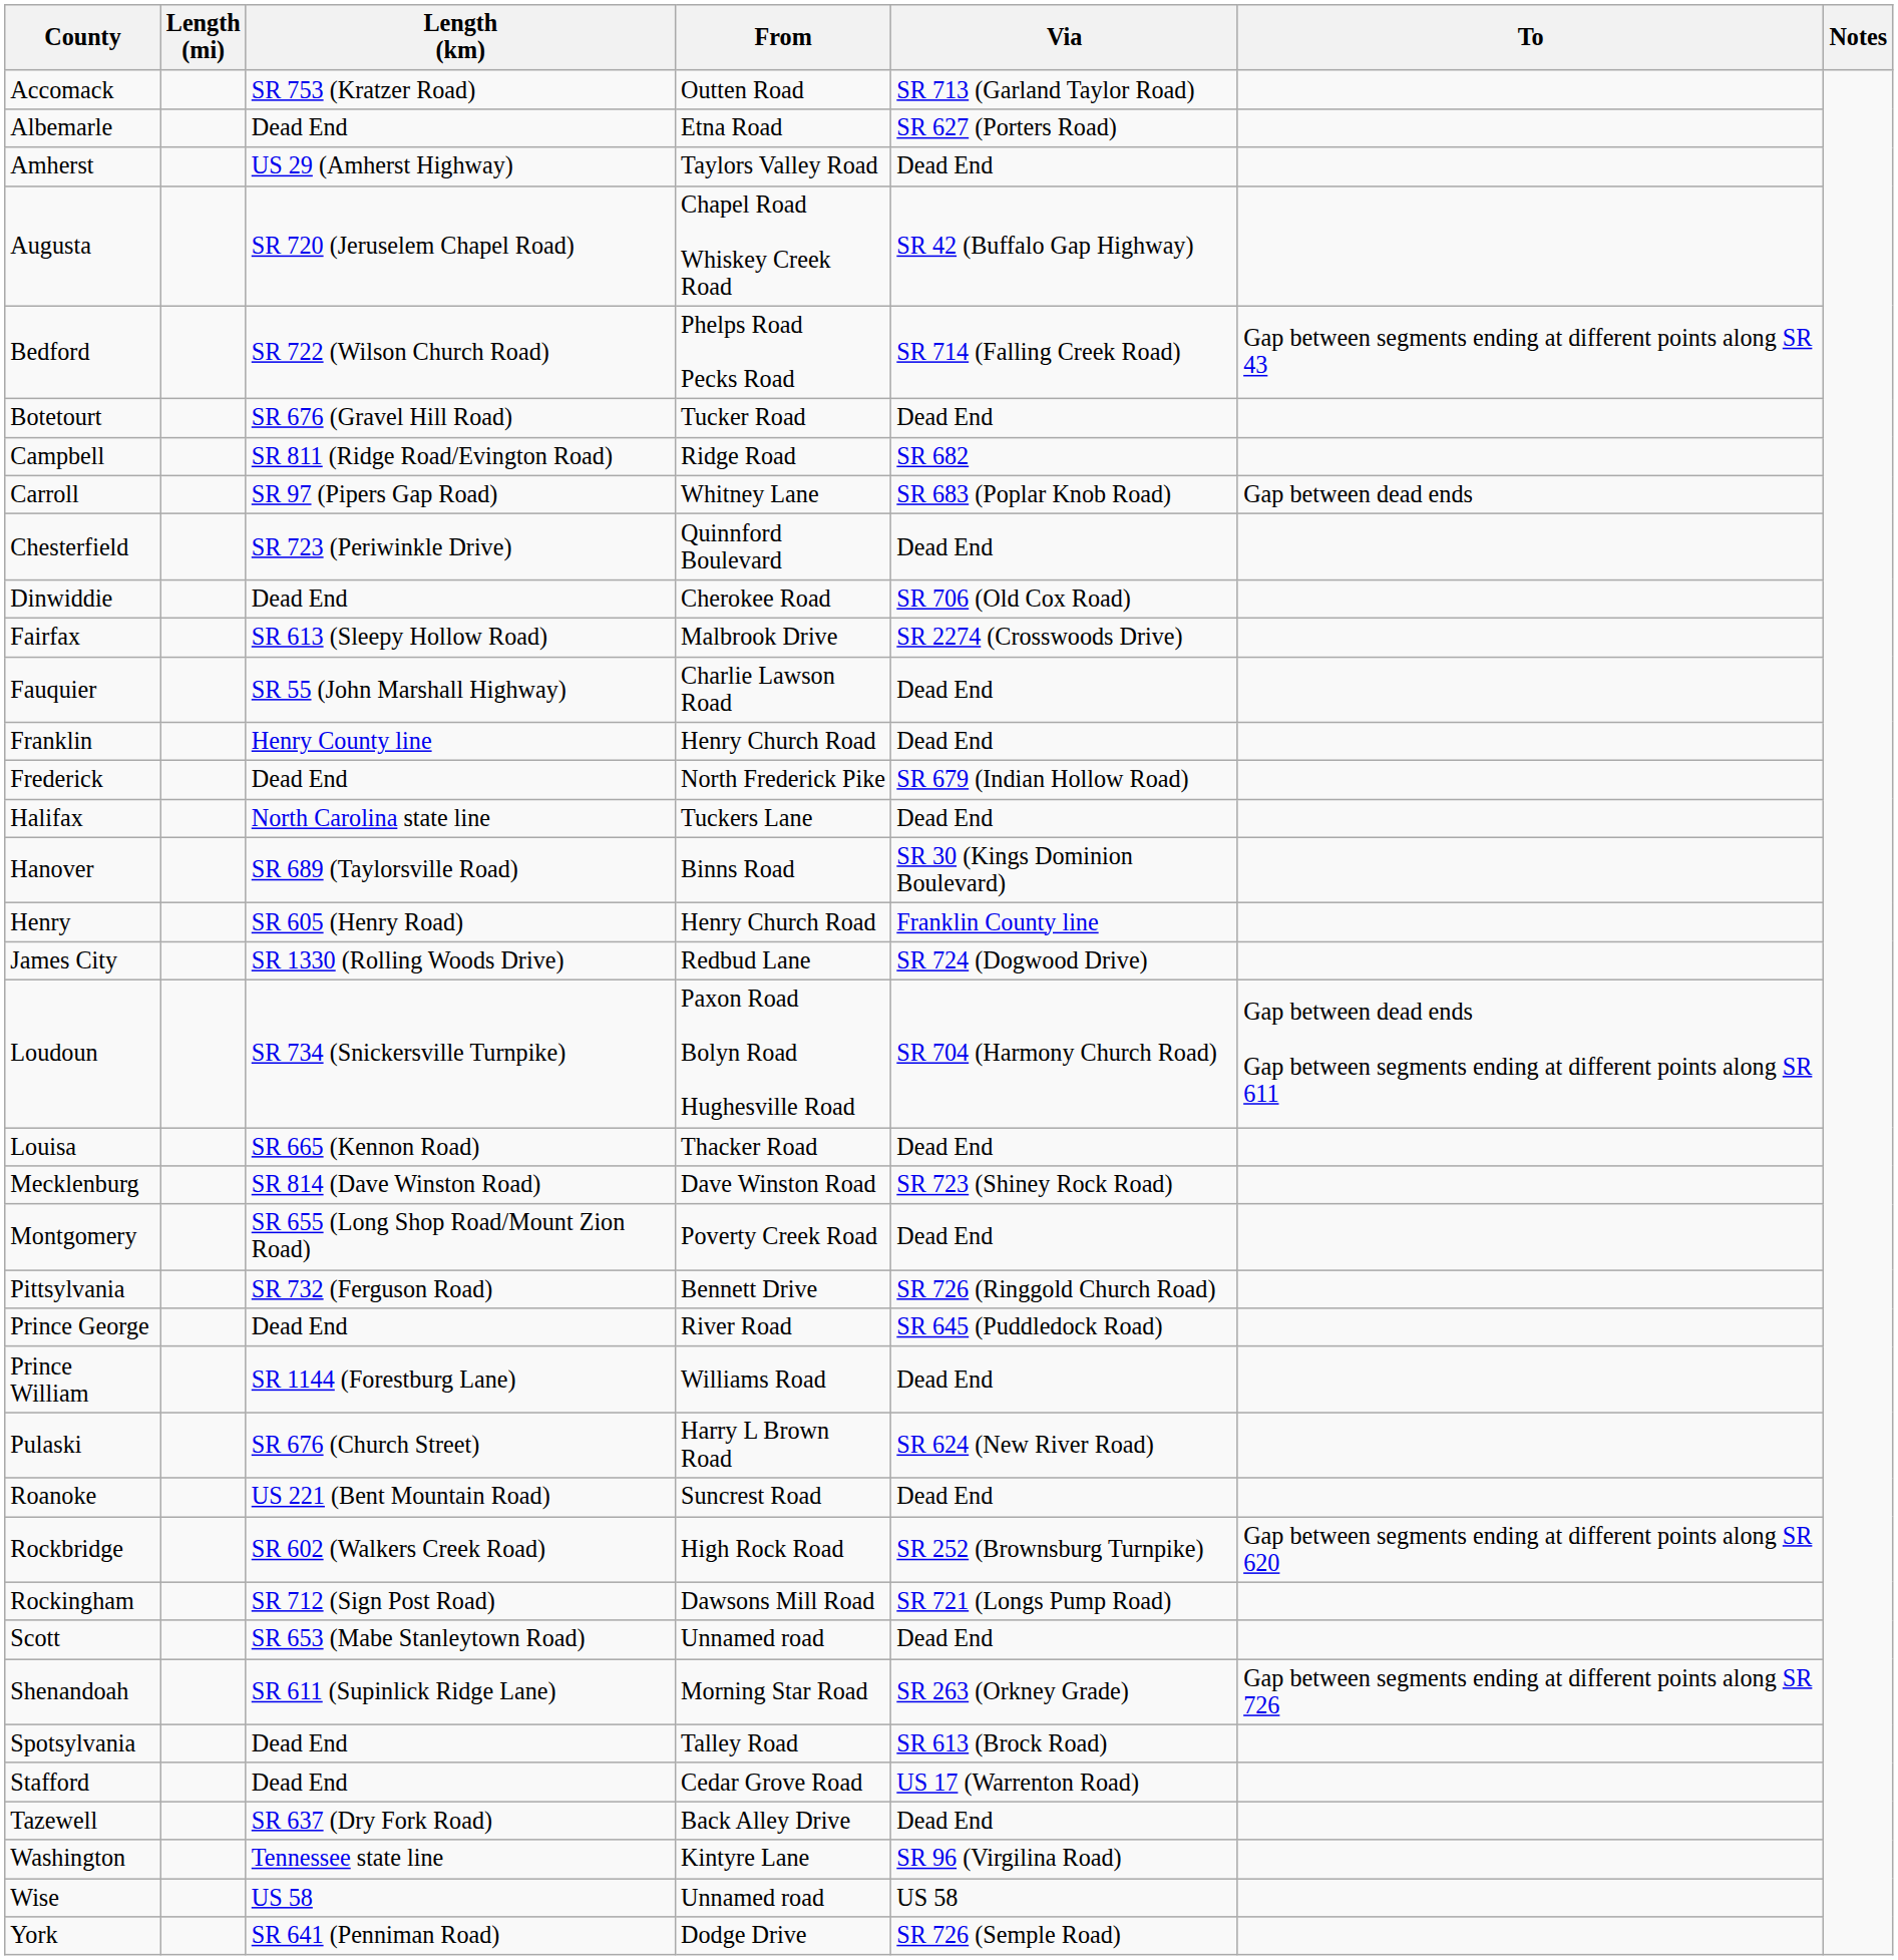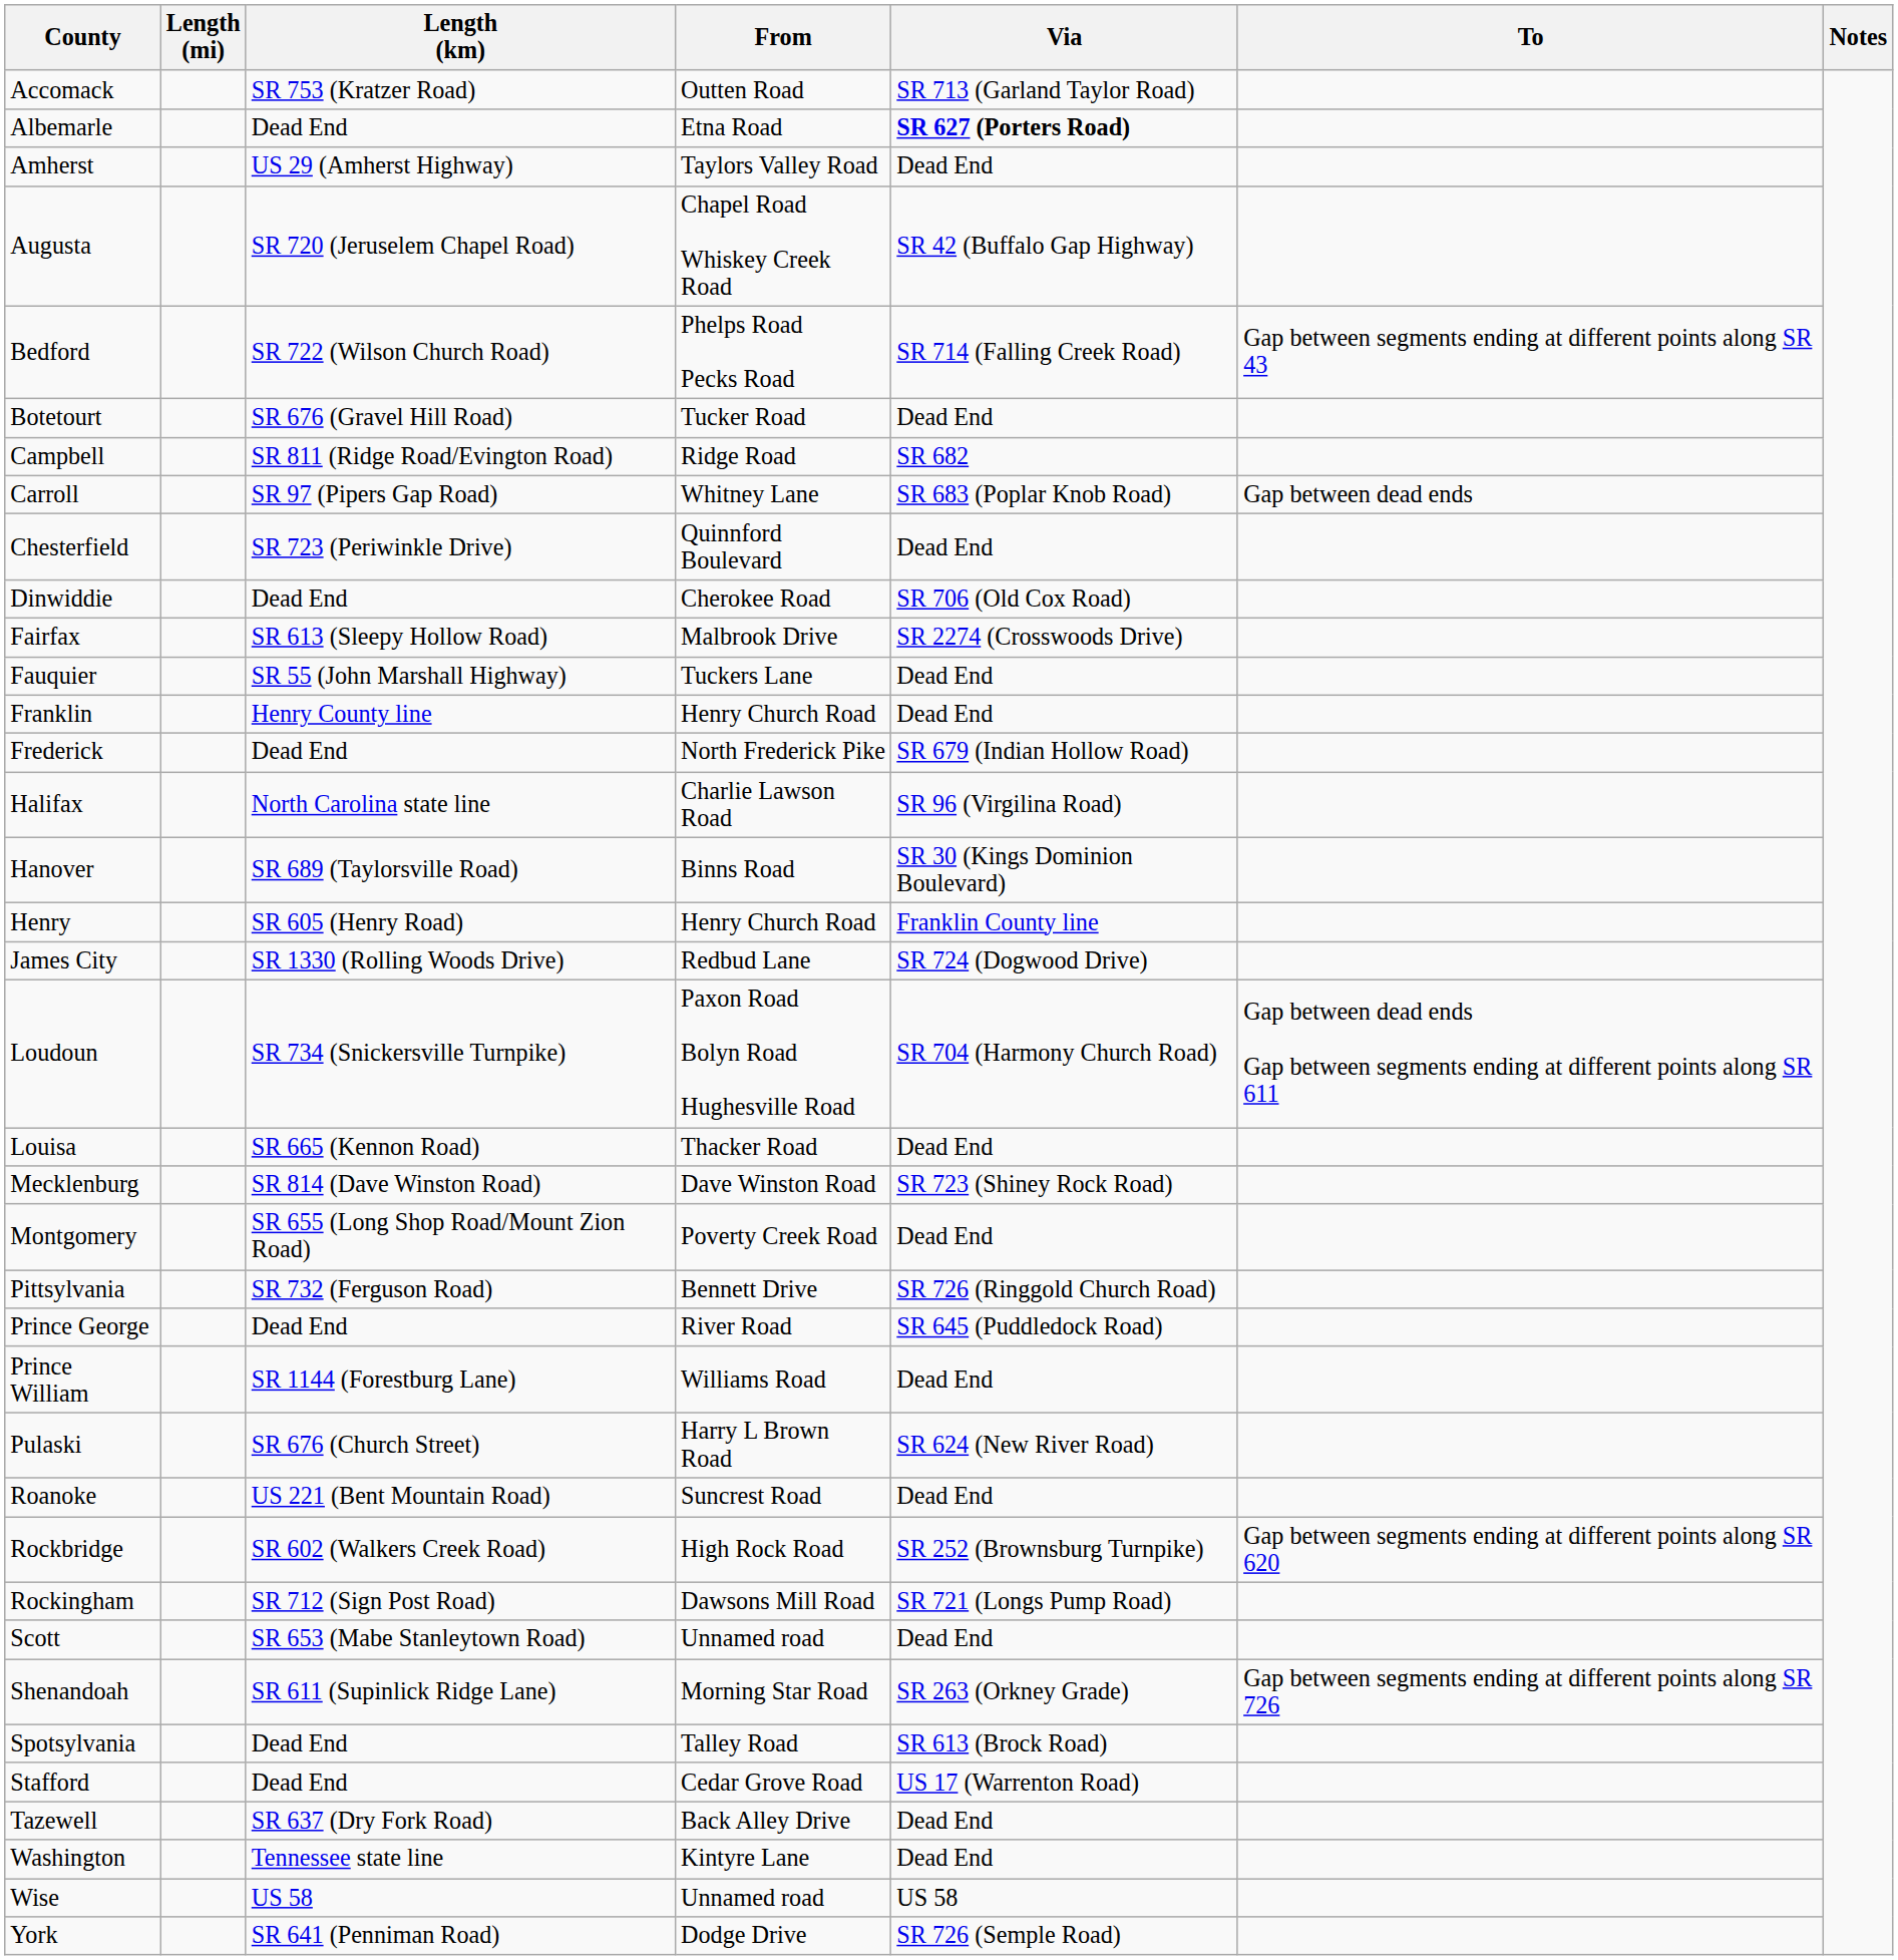 <table class="wikitable sortable">
 <tr>
 <th>County</th>
 <th>Length<br>(mi)</th>
 <th>Length<br>(km)</th>
 <th class="unsortable">From</th>
 <th class="unsortable">Via</th>
 <th class="unsortable">To</th>
 <th class="unsortable">Notes</th>
 </tr>
 <tr>
 <td id="Accomack">Accomack</td>
 <td></td>
 <td><a href='#'>SR 753</a> (Kratzer Road)</td>
 <td>Outten Road</td>
 <td><a href='#'>SR 713</a> (Garland Taylor Road)</td>
 <td></td>
 </tr>
 <tr>
 <td id="Albemarle">Albemarle</td>
 <td></td>
 <td>Dead End</td>
 <td>Etna Road</td>
-<td><a href='#'>SR 627</a> (Porters Road)</td>
+<td><strong><a href='#'>SR 627</a> (Porters Road)</strong></td>
 <td><br> </td>
 </tr>
 <tr>
 <td id="Amherst">Amherst</td>
 <td></td>
 <td><a href='#'>US 29</a> (Amherst Highway)</td>
 <td>Taylors Valley Road</td>
 <td>Dead End</td>
 <td><br> </td>
 </tr>
 <tr>
 <td id="Augusta">Augusta</td>
 <td></td>
 <td><a href='#'>SR 720</a> (Jeruselem Chapel Road)</td>
 <td>Chapel Road<br><br>Whiskey Creek Road</td>
 <td><a href='#'>SR 42</a> (Buffalo Gap Highway)</td>
 <td><br></td>
 </tr>
 <tr>
 <td id="Bedford">Bedford</td>
 <td></td>
 <td><a href='#'>SR 722</a> (Wilson Church Road)</td>
 <td>Phelps Road<br><br>Pecks Road</td>
 <td><a href='#'>SR 714</a> (Falling Creek Road)</td>
 <td>Gap between segments ending at different points along <a href='#'>SR 43</a><br></td>
 </tr>
 <tr>
 <td id="Botetourt">Botetourt</td>
 <td></td>
 <td><a href='#'>SR 676</a> (Gravel Hill Road)</td>
 <td>Tucker Road</td>
 <td>Dead End</td>
 <td><br>  </td>
 </tr>
 <tr>
 <td id="Campbell">Campbell</td>
 <td></td>
 <td><a href='#'>SR 811</a> (Ridge Road/Evington Road)</td>
 <td>Ridge Road</td>
 <td><a href='#'>SR 682</a></td>
 <td><br></td>
 </tr>
 <tr>
 <td id="Carroll">Carroll</td>
 <td></td>
 <td><a href='#'>SR 97</a> (Pipers Gap Road)</td>
 <td>Whitney Lane</td>
 <td><a href='#'>SR 683</a> (Poplar Knob Road)</td>
 <td>Gap between dead ends<br> </td>
 </tr>
 <tr>
 <td id="Chesterfield">Chesterfield</td>
 <td></td>
 <td><a href='#'>SR 723</a> (Periwinkle Drive)</td>
 <td>Quinnford Boulevard</td>
 <td>Dead End</td>
 <td><br>    </td>
 </tr>
 <tr>
 <td id="Dinwiddie">Dinwiddie</td>
 <td></td>
 <td>Dead End</td>
 <td>Cherokee Road</td>
 <td><a href='#'>SR 706</a> (Old Cox Road)</td>
 <td><br></td>
 </tr>
 <tr>
 <td id="Fairfax">Fairfax</td>
 <td></td>
 <td><a href='#'>SR 613</a> (Sleepy Hollow Road)</td>
 <td>Malbrook Drive</td>
 <td><a href='#'>SR 2274</a> (Crosswoods Drive)</td>
 <td></td>
 </tr>
 <tr>
 <td id="Fauquier">Fauquier</td>
 <td></td>
 <td><a href='#'>SR 55</a> (John Marshall Highway)</td>
-<td>Charlie Lawson Road</td>
+<td>Tuckers Lane</td>
 <td>Dead End</td>
 <td><br> </td>
 </tr>
 <tr>
 <td id="Franklin">Franklin</td>
 <td></td>
 <td><a href='#'>Henry County line</a></td>
 <td>Henry Church Road</td>
 <td>Dead End</td>
 <td></td>
 </tr>
 <tr>
 <td id="Frederick">Frederick</td>
 <td></td>
 <td>Dead End</td>
 <td>North Frederick Pike</td>
 <td><a href='#'>SR 679</a> (Indian Hollow Road)</td>
 <td><br>     </td>
 </tr>
 <tr>
 <td id="Halifax">Halifax</td>
 <td></td>
 <td><a href='#'>North Carolina</a> state line</td>
-<td>Tuckers Lane</td>
-<td>Dead End</td>
+<td>Charlie Lawson Road</td>
+<td><a href='#'>SR 96</a> (Virgilina Road)</td>
 <td></td>
 </tr>
 <tr>
 <td id="Hanover">Hanover</td>
 <td></td>
 <td><a href='#'>SR 689</a> (Taylorsville Road)</td>
 <td>Binns Road</td>
 <td><a href='#'>SR 30</a> (Kings Dominion Boulevard)</td>
 <td><br></td>
 </tr>
 <tr>
 <td id="Henry">Henry</td>
 <td></td>
 <td><a href='#'>SR 605</a> (Henry Road)</td>
 <td>Henry Church Road</td>
 <td><a href='#'>Franklin County line</a></td>
 <td><br> </td>
 </tr>
 <tr>
 <td id="James City">James City</td>
 <td></td>
 <td><a href='#'>SR 1330</a> (Rolling Woods Drive)</td>
 <td>Redbud Lane</td>
 <td><a href='#'>SR 724</a> (Dogwood Drive)</td>
 <td><br>    </td>
 </tr>
 <tr>
 <td id="Loudoun">Loudoun</td>
 <td></td>
 <td><a href='#'>SR 734</a> (Snickersville Turnpike)</td>
 <td>Paxon Road<br><br>Bolyn Road<br><br>Hughesville Road</td>
 <td><a href='#'>SR 704</a> (Harmony Church Road)</td>
 <td>Gap between dead ends<br><br>Gap between segments ending at different points along <a href='#'>SR 611</a></td>
 </tr>
 <tr>
 <td id="Louisa">Louisa</td>
 <td></td>
 <td><a href='#'>SR 665</a> (Kennon Road)</td>
 <td>Thacker Road</td>
 <td>Dead End</td>
 <td><br>  </td>
 </tr>
 <tr>
 <td id="Mecklenburg">Mecklenburg</td>
 <td></td>
 <td><a href='#'>SR 814</a> (Dave Winston Road)</td>
 <td>Dave Winston Road</td>
 <td><a href='#'>SR 723</a> (Shiney Rock Road)</td>
 <td><br></td>
 </tr>
 <tr>
 <td id="Montgomery">Montgomery</td>
 <td></td>
 <td><a href='#'>SR 655</a> (Long Shop Road/Mount Zion Road)</td>
 <td>Poverty Creek Road</td>
 <td>Dead End</td>
 <td><br>       </td>
 </tr>
 <tr>
 <td id="Pittsylvania">Pittsylvania</td>
 <td></td>
 <td><a href='#'>SR 732</a> (Ferguson Road)</td>
 <td>Bennett Drive</td>
 <td><a href='#'>SR 726</a> (Ringgold Church Road)</td>
 <td><br> </td>
 </tr>
 <tr>
 <td id="Prince George">Prince George</td>
 <td></td>
 <td>Dead End</td>
 <td>River Road</td>
 <td><a href='#'>SR 645</a> (Puddledock Road)</td>
 <td></td>
 </tr>
 <tr>
 <td id="Prince William">Prince William</td>
 <td></td>
 <td><a href='#'>SR 1144</a> (Forestburg Lane)</td>
 <td>Williams Road</td>
 <td>Dead End</td>
 <td></td>
 </tr>
 <tr>
 <td id="Pulaski">Pulaski</td>
 <td></td>
 <td><a href='#'>SR 676</a> (Church Street)</td>
 <td>Harry L Brown Road</td>
 <td><a href='#'>SR 624</a> (New River Road)</td>
 <td><br> </td>
 </tr>
 <tr>
 <td id="Roanoke">Roanoke</td>
 <td></td>
 <td><a href='#'>US 221</a> (Bent Mountain Road)</td>
 <td>Suncrest Road</td>
 <td>Dead End</td>
 <td></td>
 </tr>
 <tr>
 <td id="Rockbridge">Rockbridge</td>
 <td></td>
 <td><a href='#'>SR 602</a> (Walkers Creek Road)</td>
 <td>High Rock Road</td>
 <td><a href='#'>SR 252</a> (Brownsburg Turnpike)</td>
 <td>Gap between segments ending at different points along <a href='#'>SR 620</a></td>
 </tr>
 <tr>
 <td id="Rockingham">Rockingham</td>
 <td></td>
 <td><a href='#'>SR 712</a> (Sign Post Road)</td>
 <td>Dawsons Mill Road</td>
 <td><a href='#'>SR 721</a> (Longs Pump Road)</td>
 <td><br></td>
 </tr>
 <tr>
 <td id="Scott">Scott</td>
 <td></td>
 <td><a href='#'>SR 653</a> (Mabe Stanleytown Road)</td>
 <td>Unnamed road</td>
 <td>Dead End</td>
 <td></td>
 </tr>
 <tr>
 <td id="Shenandoah">Shenandoah</td>
 <td></td>
 <td><a href='#'>SR 611</a> (Supinlick Ridge Lane)</td>
 <td>Morning Star Road</td>
 <td><a href='#'>SR 263</a> (Orkney Grade)</td>
 <td>Gap between segments ending at different points along <a href='#'>SR 726</a><br> </td>
 </tr>
 <tr>
 <td id="Spotsylvania">Spotsylvania</td>
 <td></td>
 <td>Dead End</td>
 <td>Talley Road</td>
 <td><a href='#'>SR 613</a> (Brock Road)</td>
 <td></td>
 </tr>
 <tr>
 <td id="Stafford">Stafford</td>
 <td></td>
 <td>Dead End</td>
 <td>Cedar Grove Road</td>
 <td><a href='#'>US 17</a> (Warrenton Road)</td>
 <td><br> </td>
 </tr>
 <tr>
 <td id="Tazewell">Tazewell</td>
 <td></td>
 <td><a href='#'>SR 637</a> (Dry Fork Road)</td>
 <td>Back Alley Drive</td>
 <td>Dead End</td>
 <td><br></td>
 </tr>
 <tr>
 <td id="Washington">Washington</td>
 <td></td>
 <td><a href='#'>Tennessee</a> state line</td>
 <td>Kintyre Lane</td>
-<td><a href='#'>SR 96</a> (Virgilina Road)</td>
+<td>Dead End</td>
 <td><br></td>
 </tr>
 <tr>
 <td id="Wise">Wise</td>
 <td></td>
 <td><a href='#'>US 58</a></td>
 <td>Unnamed road</td>
 <td>US 58</td>
 <td><br></td>
 </tr>
 <tr>
 <td id="York">York</td>
 <td></td>
 <td><a href='#'>SR 641</a> (Penniman Road)</td>
 <td>Dodge Drive</td>
 <td><a href='#'>SR 726</a> (Semple Road)</td>
 <td></td>
 </tr>
 </table>
